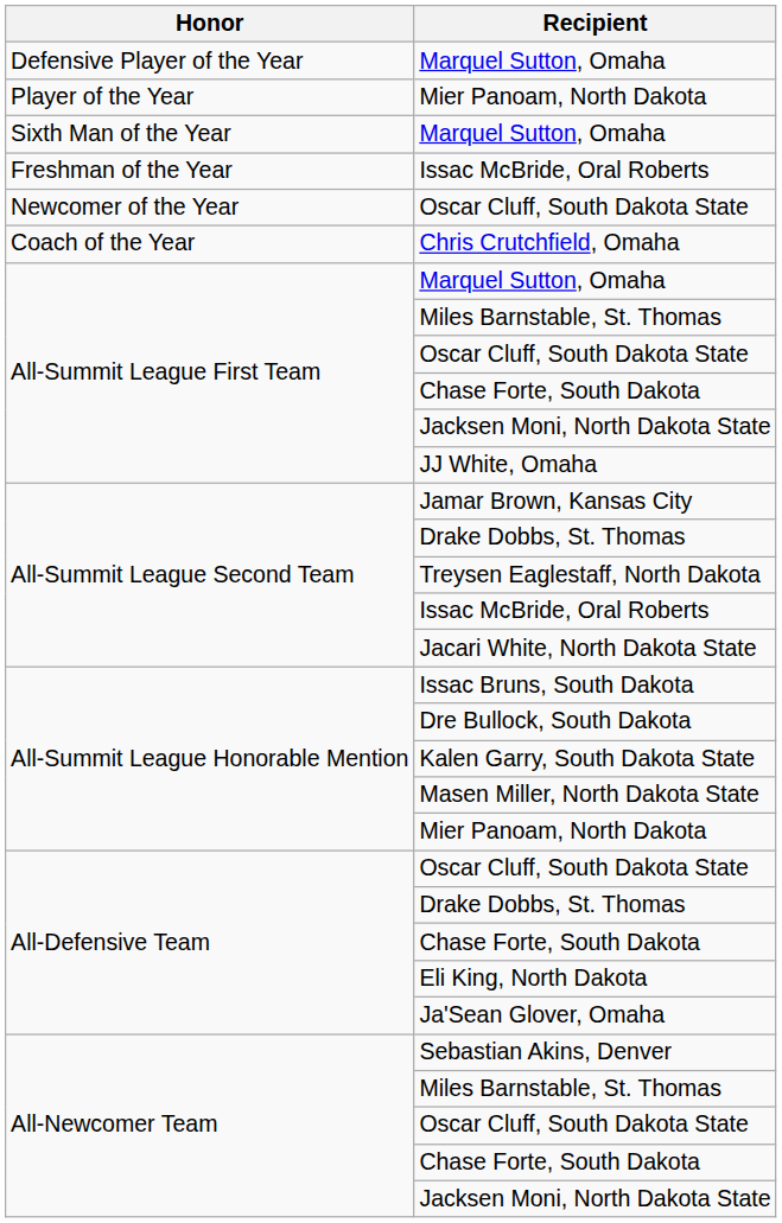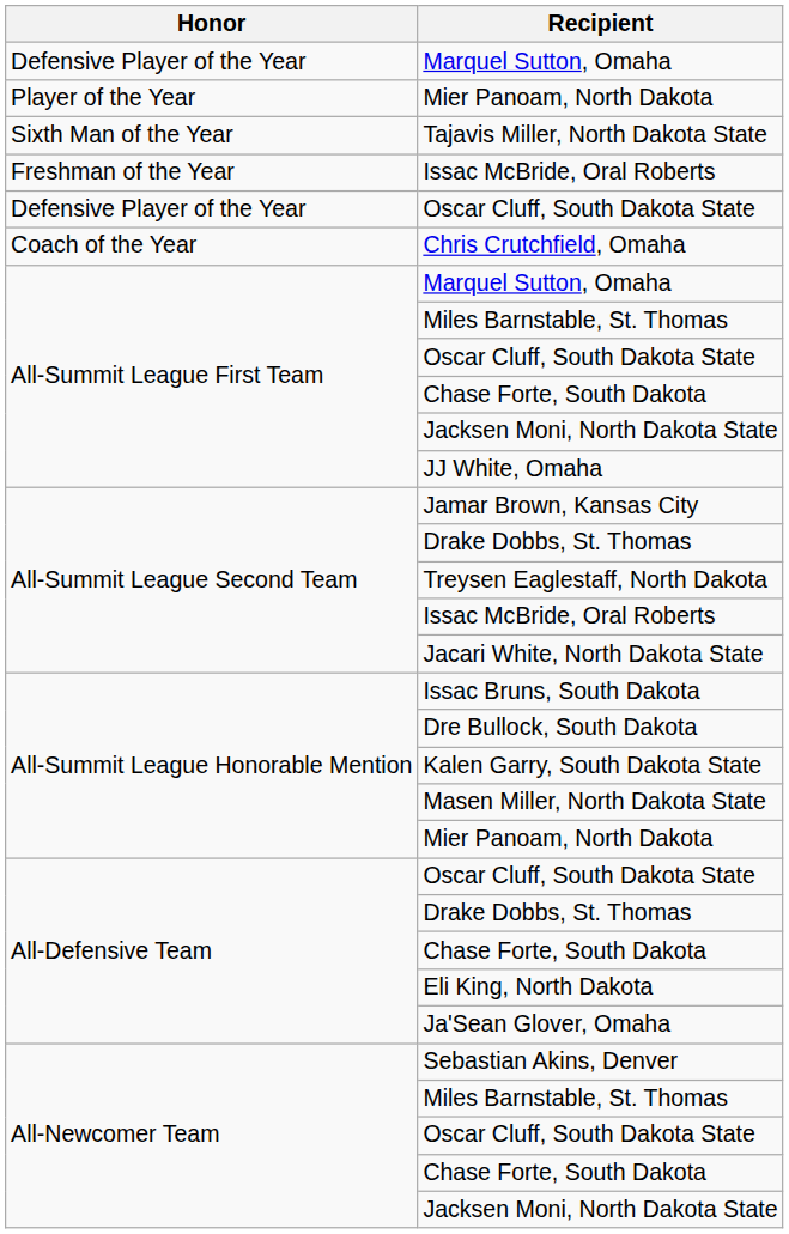 <table class="wikitable" border="1">
 <tr>
 <th>Honor</th>
 <th>Recipient</th>
 </tr>
 <tr>
 <td>Defensive Player of the Year</td>
 <td><a href='#'>Marquel Sutton</a>, Omaha</td>
 </tr>
 <tr>
 <td>Player of the Year</td>
 <td>Mier Panoam, North Dakota</td>
 </tr>
 <tr>
 <td>Sixth Man of the Year</td>
-<td><a href='#'>Marquel Sutton</a>, Omaha</td>
+<td>Tajavis Miller, North Dakota State</td>
 </tr>
 <tr>
 <td>Freshman of the Year</td>
 <td>Issac McBride, Oral Roberts</td>
 </tr>
 <tr>
-<td>Newcomer of the Year</td>
+<td>Defensive Player of the Year</td>
 <td>Oscar Cluff, South Dakota State</td>
 </tr>
 <tr>
 <td>Coach of the Year</td>
 <td><a href='#'>Chris Crutchfield</a>, Omaha</td>
 </tr>
 <tr>
 <td rowspan="6" valign="middle">All-Summit League First Team</td>
 <td><a href='#'>Marquel Sutton</a>, Omaha</td>
 </tr>
 <tr>
 <td>Miles Barnstable, St. Thomas</td>
 </tr>
 <tr>
 <td>Oscar Cluff, South Dakota State</td>
 </tr>
 <tr>
 <td>Chase Forte, South Dakota</td>
 </tr>
 <tr>
 <td>Jacksen Moni, North Dakota State</td>
 </tr>
 <tr>
 <td>JJ White, Omaha</td>
 </tr>
 <tr>
 <td rowspan="5" valign="middle">All-Summit League Second Team</td>
 <td>Jamar Brown, Kansas City</td>
 </tr>
 <tr>
 <td>Drake Dobbs, St. Thomas</td>
 </tr>
 <tr>
 <td>Treysen Eaglestaff, North Dakota</td>
 </tr>
 <tr>
 <td>Issac McBride, Oral Roberts</td>
 </tr>
 <tr>
 <td>Jacari White, North Dakota State</td>
 </tr>
 <tr>
 <td rowspan="5" valign="middle">All-Summit League Honorable Mention</td>
 <td>Issac Bruns, South Dakota</td>
 </tr>
 <tr>
 <td>Dre Bullock, South Dakota</td>
 </tr>
 <tr>
 <td>Kalen Garry, South Dakota State</td>
 </tr>
 <tr>
 <td>Masen Miller, North Dakota State</td>
 </tr>
 <tr>
 <td>Mier Panoam, North Dakota</td>
 </tr>
 <tr>
 <td rowspan="5" valign="middle">All-Defensive Team</td>
 <td>Oscar Cluff, South Dakota State</td>
 </tr>
 <tr>
 <td>Drake Dobbs, St. Thomas</td>
 </tr>
 <tr>
 <td>Chase Forte, South Dakota</td>
 </tr>
 <tr>
 <td>Eli King, North Dakota</td>
 </tr>
 <tr>
 <td>Ja'Sean Glover, Omaha</td>
 </tr>
 <tr>
 <td rowspan="5" valign="middle">All-Newcomer Team</td>
 <td>Sebastian Akins, Denver</td>
 </tr>
 <tr>
 <td>Miles Barnstable, St. Thomas</td>
 </tr>
 <tr>
 <td>Oscar Cluff, South Dakota State</td>
 </tr>
 <tr>
 <td>Chase Forte, South Dakota</td>
 </tr>
 <tr>
 <td>Jacksen Moni, North Dakota State</td>
 </tr>
 </table>
